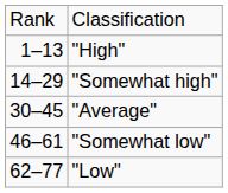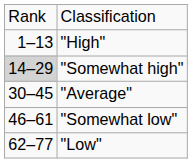 <table class="wikitable" ---valign="top">
 <tr>
 <td>Rank</td>
 <td>Classification</td>
 </tr>
 <tr>
 <td>  1–13</td>
 <td>"High"</td>
 </tr>
 <tr>
-<td>14–29</td>
+<td style="background: lightgrey;">14–29</td>
 <td>"Somewhat high"</td>
 </tr>
 <tr>
 <td>30–45</td>
 <td>"Average"</td>
 </tr>
 <tr>
 <td>46–61</td>
 <td>"Somewhat low"</td>
 </tr>
 <tr>
 <td>62–77</td>
 <td>"Low"</td>
 </tr>
 </table>
